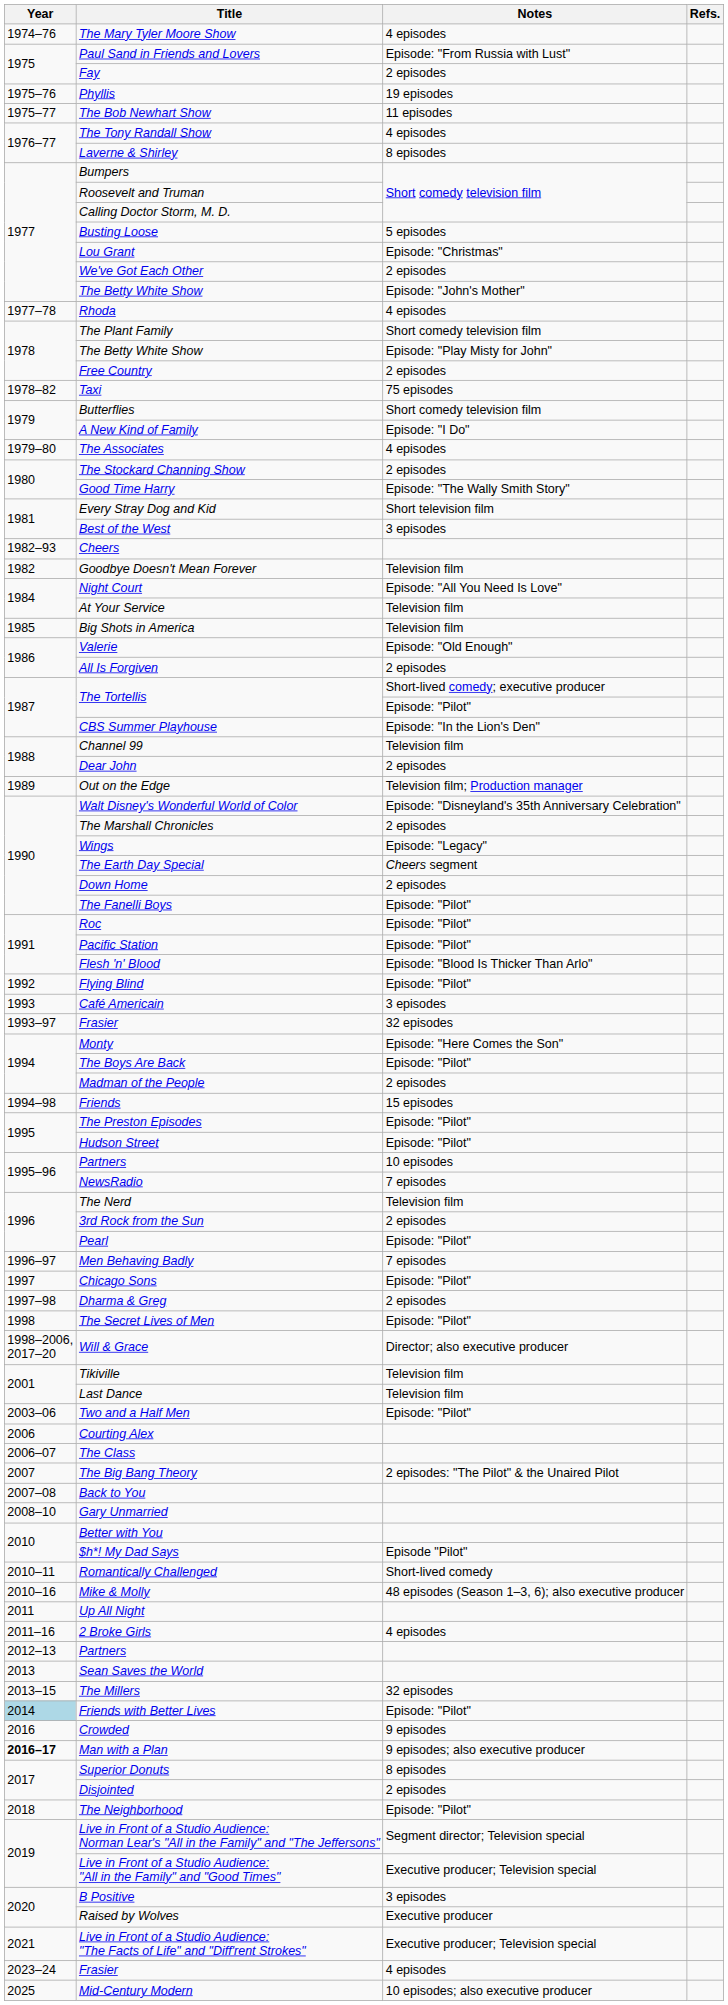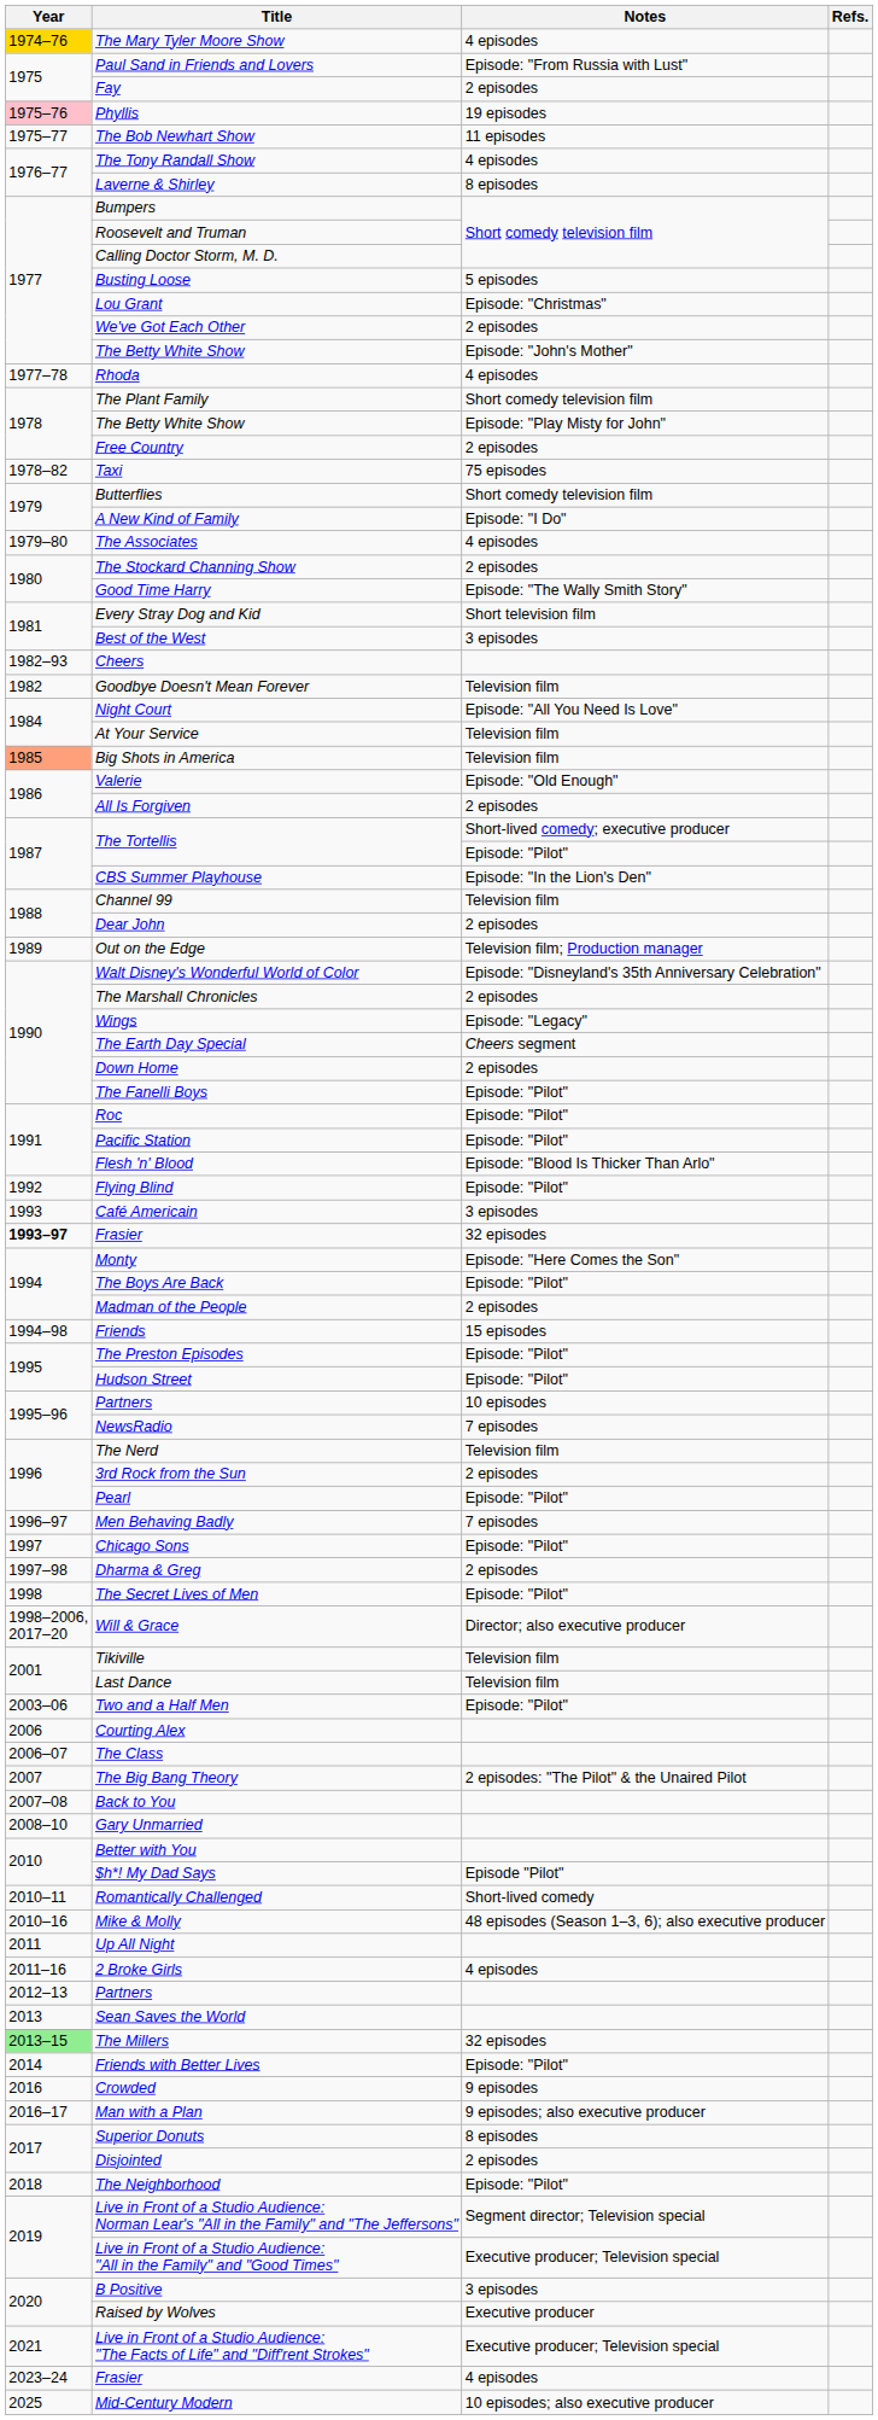 <table class="wikitable sortable">
 <tr>
 <th>Year</th>
 <th>Title</th>
 <th>Notes</th>
 <th class="unsortable">Refs.</th>
 </tr>
 <tr>
-<td>1974–76</td>
+<td style="background: gold;">1974–76</td>
 <td><em><a href='#'>The Mary Tyler Moore Show</a></em></td>
 <td>4 episodes</td>
 <td></td>
 </tr>
 <tr>
 <td rowspan="2">1975</td>
 <td><em><a href='#'>Paul Sand in Friends and Lovers</a></em></td>
 <td>Episode: "From Russia with Lust"</td>
 <td></td>
 </tr>
 <tr>
 <td><em><a href='#'>Fay</a></em></td>
 <td>2 episodes</td>
 <td></td>
 </tr>
 <tr>
-<td>1975–76</td>
+<td style="background: pink;">1975–76</td>
 <td><em><a href='#'>Phyllis</a></em></td>
 <td>19 episodes</td>
 <td></td>
 </tr>
 <tr>
 <td>1975–77</td>
 <td><em><a href='#'>The Bob Newhart Show</a></em></td>
 <td>11 episodes</td>
 <td></td>
 </tr>
 <tr>
 <td rowspan="2">1976–77</td>
 <td><em><a href='#'>The Tony Randall Show</a></em></td>
 <td>4 episodes</td>
 <td></td>
 </tr>
 <tr>
 <td><em><a href='#'>Laverne & Shirley</a></em></td>
 <td>8 episodes</td>
 <td></td>
 </tr>
 <tr>
 <td rowspan="7">1977</td>
 <td><em>Bumpers</em></td>
 <td rowspan="3"><a href='#'>Short</a> <a href='#'>comedy</a> <a href='#'>television film</a></td>
 <td></td>
 </tr>
 <tr>
 <td><em>Roosevelt and Truman</em></td>
 <td></td>
 </tr>
 <tr>
 <td><em>Calling Doctor Storm, M. D.</em></td>
 <td></td>
 </tr>
 <tr>
 <td><em><a href='#'>Busting Loose</a></em></td>
 <td>5 episodes</td>
 <td></td>
 </tr>
 <tr>
 <td><em><a href='#'>Lou Grant</a></em></td>
 <td>Episode: "Christmas"</td>
 <td></td>
 </tr>
 <tr>
 <td><em><a href='#'>We've Got Each Other</a></em></td>
 <td>2 episodes</td>
 <td></td>
 </tr>
 <tr>
 <td><em><a href='#'>The Betty White Show</a></em></td>
 <td>Episode: "John's Mother"</td>
 <td></td>
 </tr>
 <tr>
 <td>1977–78</td>
 <td><em><a href='#'>Rhoda</a></em></td>
 <td>4 episodes</td>
 <td></td>
 </tr>
 <tr>
 <td rowspan="3">1978</td>
 <td><em>The Plant Family</em></td>
 <td>Short comedy television film</td>
 <td></td>
 </tr>
 <tr>
 <td><em>The Betty White Show</em></td>
 <td>Episode: "Play Misty for John"</td>
 <td></td>
 </tr>
 <tr>
 <td><em><a href='#'>Free Country</a></em></td>
 <td>2 episodes</td>
 <td></td>
 </tr>
 <tr>
 <td>1978–82</td>
 <td><em><a href='#'>Taxi</a></em></td>
 <td>75 episodes</td>
 <td></td>
 </tr>
 <tr>
 <td rowspan="2">1979</td>
 <td><em>Butterflies</em></td>
 <td>Short comedy television film</td>
 <td></td>
 </tr>
 <tr>
 <td><em><a href='#'>A New Kind of Family</a></em></td>
 <td>Episode: "I Do"</td>
 <td></td>
 </tr>
 <tr>
 <td>1979–80</td>
 <td><em><a href='#'>The Associates</a></em></td>
 <td>4 episodes</td>
 <td></td>
 </tr>
 <tr>
 <td rowspan="2">1980</td>
 <td><em><a href='#'>The Stockard Channing Show</a></em></td>
 <td>2 episodes</td>
 <td></td>
 </tr>
 <tr>
 <td><em><a href='#'>Good Time Harry</a></em></td>
 <td>Episode: "The Wally Smith Story"</td>
 <td></td>
 </tr>
 <tr>
 <td rowspan="2">1981</td>
 <td><em>Every Stray Dog and Kid</em></td>
 <td>Short television film</td>
 <td></td>
 </tr>
 <tr>
 <td><em><a href='#'>Best of the West</a></em></td>
 <td>3 episodes</td>
 <td></td>
 </tr>
 <tr>
 <td>1982–93</td>
 <td><em><a href='#'>Cheers</a></em></td>
 <td></td>
 <td></td>
 </tr>
 <tr>
 <td>1982</td>
 <td><em>Goodbye Doesn't Mean Forever</em></td>
 <td>Television film</td>
 <td></td>
 </tr>
 <tr>
 <td rowspan="2">1984</td>
 <td><em><a href='#'>Night Court</a></em></td>
 <td>Episode: "All You Need Is Love"</td>
 <td></td>
 </tr>
 <tr>
 <td><em>At Your Service</em></td>
 <td>Television film</td>
 <td></td>
 </tr>
 <tr>
-<td>1985</td>
+<td style="background: lightsalmon;">1985</td>
 <td><em>Big Shots in America</em></td>
 <td>Television film</td>
 <td></td>
 </tr>
 <tr>
 <td rowspan="2">1986</td>
 <td><em><a href='#'>Valerie</a></em></td>
 <td>Episode: "Old Enough"</td>
 <td></td>
 </tr>
 <tr>
 <td><em><a href='#'>All Is Forgiven</a></em></td>
 <td>2 episodes</td>
 <td></td>
 </tr>
 <tr>
 <td rowspan="3">1987</td>
 <td rowspan="2"><em><a href='#'>The Tortellis</a></em></td>
 <td>Short-lived <a href='#'>comedy</a>; executive producer</td>
 <td></td>
 </tr>
 <tr>
 <td>Episode: "Pilot"</td>
 <td></td>
 </tr>
 <tr>
 <td><em><a href='#'>CBS Summer Playhouse</a></em></td>
 <td>Episode: "In the Lion's Den"</td>
 <td></td>
 </tr>
 <tr>
 <td rowspan="2">1988</td>
 <td><em>Channel 99</em></td>
 <td>Television film</td>
 <td></td>
 </tr>
 <tr>
 <td><em><a href='#'>Dear John</a></em></td>
 <td>2 episodes</td>
 <td></td>
 </tr>
 <tr>
 <td>1989</td>
 <td><em>Out on the Edge</em></td>
 <td>Television film; <a href='#'>Production manager</a></td>
 <td></td>
 </tr>
 <tr>
 <td rowspan="6">1990</td>
 <td><em><a href='#'>Walt Disney's Wonderful World of Color</a></em></td>
 <td>Episode: "Disneyland's 35th Anniversary Celebration"</td>
 <td></td>
 </tr>
 <tr>
 <td><em>The Marshall Chronicles</em></td>
 <td>2 episodes</td>
 <td></td>
 </tr>
 <tr>
 <td><em><a href='#'>Wings</a></em></td>
 <td>Episode: "Legacy"</td>
 <td></td>
 </tr>
 <tr>
 <td><em><a href='#'>The Earth Day Special</a></em></td>
 <td><em>Cheers</em> segment</td>
 <td></td>
 </tr>
 <tr>
 <td><em><a href='#'>Down Home</a></em></td>
 <td>2 episodes</td>
 <td></td>
 </tr>
 <tr>
 <td><em><a href='#'>The Fanelli Boys</a></em></td>
 <td>Episode: "Pilot"</td>
 <td></td>
 </tr>
 <tr>
 <td rowspan="3">1991</td>
 <td><em><a href='#'>Roc</a></em></td>
 <td>Episode: "Pilot"</td>
 <td></td>
 </tr>
 <tr>
 <td><em><a href='#'>Pacific Station</a></em></td>
 <td>Episode: "Pilot"</td>
 <td></td>
 </tr>
 <tr>
 <td><em><a href='#'>Flesh 'n' Blood</a></em></td>
 <td>Episode: "Blood Is Thicker Than Arlo"</td>
 <td></td>
 </tr>
 <tr>
 <td>1992</td>
 <td><em><a href='#'>Flying Blind</a></em></td>
 <td>Episode: "Pilot"</td>
 <td></td>
 </tr>
 <tr>
 <td>1993</td>
 <td><em><a href='#'>Café Americain</a></em></td>
 <td>3 episodes</td>
 <td></td>
 </tr>
 <tr>
-<td>1993–97</td>
+<td><strong>1993–97</strong></td>
 <td><em><a href='#'>Frasier</a></em></td>
 <td>32 episodes</td>
 <td></td>
 </tr>
 <tr>
 <td rowspan="3">1994</td>
 <td><em><a href='#'>Monty</a></em></td>
 <td>Episode: "Here Comes the Son"</td>
 <td></td>
 </tr>
 <tr>
 <td><em><a href='#'>The Boys Are Back</a></em></td>
 <td>Episode: "Pilot"</td>
 <td></td>
 </tr>
 <tr>
 <td><em><a href='#'>Madman of the People</a></em></td>
 <td>2 episodes</td>
 <td></td>
 </tr>
 <tr>
 <td>1994–98</td>
 <td><em><a href='#'>Friends</a></em></td>
 <td>15 episodes</td>
 <td></td>
 </tr>
 <tr>
 <td rowspan="2">1995</td>
 <td><em><a href='#'>The Preston Episodes</a></em></td>
 <td>Episode: "Pilot"</td>
 <td></td>
 </tr>
 <tr>
 <td><em><a href='#'>Hudson Street</a></em></td>
 <td>Episode: "Pilot"</td>
 <td></td>
 </tr>
 <tr>
 <td rowspan="2">1995–96</td>
 <td><em><a href='#'>Partners</a></em></td>
 <td>10 episodes</td>
 <td></td>
 </tr>
 <tr>
 <td><em><a href='#'>NewsRadio</a></em></td>
 <td>7 episodes</td>
 <td></td>
 </tr>
 <tr>
 <td rowspan="3">1996</td>
 <td><em>The Nerd</em></td>
 <td>Television film</td>
 <td></td>
 </tr>
 <tr>
 <td><em><a href='#'>3rd Rock from the Sun</a></em></td>
 <td>2 episodes</td>
 <td></td>
 </tr>
 <tr>
 <td><em><a href='#'>Pearl</a></em></td>
 <td>Episode: "Pilot"</td>
 <td></td>
 </tr>
 <tr>
 <td>1996–97</td>
 <td><em><a href='#'>Men Behaving Badly</a></em></td>
 <td>7 episodes</td>
 <td></td>
 </tr>
 <tr>
 <td>1997</td>
 <td><em><a href='#'>Chicago Sons</a></em></td>
 <td>Episode: "Pilot"</td>
 <td></td>
 </tr>
 <tr>
 <td>1997–98</td>
 <td><em><a href='#'>Dharma & Greg</a></em></td>
 <td>2 episodes</td>
 <td></td>
 </tr>
 <tr>
 <td>1998</td>
 <td><em><a href='#'>The Secret Lives of Men</a></em></td>
 <td>Episode: "Pilot"</td>
 <td></td>
 </tr>
 <tr>
 <td>1998–2006,<br>2017–20</td>
 <td><em><a href='#'>Will & Grace</a></em></td>
 <td>Director; also executive producer</td>
 <td></td>
 </tr>
 <tr>
 <td rowspan="2">2001</td>
 <td><em>Tikiville</em></td>
 <td>Television film</td>
 <td></td>
 </tr>
 <tr>
 <td><em>Last Dance</em></td>
 <td>Television film</td>
 <td></td>
 </tr>
 <tr>
 <td>2003–06</td>
 <td><em><a href='#'>Two and a Half Men</a></em></td>
 <td>Episode: "Pilot"</td>
 <td></td>
 </tr>
 <tr>
 <td>2006</td>
 <td><em><a href='#'>Courting Alex</a></em></td>
 <td></td>
 <td></td>
 </tr>
 <tr>
 <td>2006–07</td>
 <td><em><a href='#'>The Class</a></em></td>
 <td></td>
 <td></td>
 </tr>
 <tr>
 <td>2007</td>
 <td><em><a href='#'>The Big Bang Theory</a></em></td>
 <td>2 episodes: "The Pilot" & the Unaired Pilot</td>
 <td></td>
 </tr>
 <tr>
 <td>2007–08</td>
 <td><em><a href='#'>Back to You</a></em></td>
 <td></td>
 <td></td>
 </tr>
 <tr>
 <td>2008–10</td>
 <td><em><a href='#'>Gary Unmarried</a></em></td>
 <td></td>
 <td></td>
 </tr>
 <tr>
 <td rowspan="2">2010</td>
 <td><em><a href='#'>Better with You</a></em></td>
 <td></td>
 <td></td>
 </tr>
 <tr>
 <td><em><a href='#'>$h*! My Dad Says</a></em></td>
 <td>Episode "Pilot"</td>
 <td></td>
 </tr>
 <tr>
 <td>2010–11</td>
 <td><em><a href='#'>Romantically Challenged</a></em></td>
 <td>Short-lived comedy</td>
 <td></td>
 </tr>
 <tr>
 <td>2010–16</td>
 <td><em><a href='#'>Mike & Molly</a></em></td>
 <td>48 episodes (Season 1–3, 6); also executive producer</td>
 <td></td>
 </tr>
 <tr>
 <td>2011</td>
 <td><em><a href='#'>Up All Night</a></em></td>
 <td></td>
 <td></td>
 </tr>
 <tr>
 <td>2011–16</td>
 <td><em><a href='#'>2 Broke Girls</a></em></td>
 <td>4 episodes</td>
 <td></td>
 </tr>
 <tr>
 <td>2012–13</td>
 <td><em><a href='#'>Partners</a></em></td>
 <td></td>
 <td></td>
 </tr>
 <tr>
 <td>2013</td>
 <td><em><a href='#'>Sean Saves the World</a></em></td>
 <td></td>
 <td></td>
 </tr>
 <tr>
-<td>2013–15</td>
+<td style="background: lightgreen;">2013–15</td>
 <td><em><a href='#'>The Millers</a></em></td>
 <td>32 episodes</td>
 <td></td>
 </tr>
 <tr>
-<td style="background: lightblue;">2014</td>
+<td>2014</td>
 <td><em><a href='#'>Friends with Better Lives</a></em></td>
 <td>Episode: "Pilot"</td>
 <td></td>
 </tr>
 <tr>
 <td>2016</td>
 <td><em><a href='#'>Crowded</a></em></td>
 <td>9 episodes</td>
 <td></td>
 </tr>
 <tr>
-<td><strong>2016–17</strong></td>
+<td>2016–17</td>
 <td><em><a href='#'>Man with a Plan</a></em></td>
 <td>9 episodes; also executive producer</td>
 <td></td>
 </tr>
 <tr>
 <td rowspan="2">2017</td>
 <td><em><a href='#'>Superior Donuts</a></em></td>
 <td>8 episodes</td>
 <td></td>
 </tr>
 <tr>
 <td><em><a href='#'>Disjointed</a></em></td>
 <td>2 episodes</td>
 <td></td>
 </tr>
 <tr>
 <td>2018</td>
 <td><em><a href='#'>The Neighborhood</a></em></td>
 <td>Episode: "Pilot"</td>
 <td></td>
 </tr>
 <tr>
 <td rowspan="2">2019</td>
 <td><em><a href='#'>Live in Front of a Studio Audience: <br> Norman Lear's "All in the Family" and "The Jeffersons"</a></em></td>
 <td>Segment director; Television special</td>
 <td></td>
 </tr>
 <tr>
 <td><em><a href='#'>Live in Front of a Studio Audience: <br> "All in the Family" and "Good Times"</a></em></td>
 <td>Executive producer; Television special</td>
 <td></td>
 </tr>
 <tr>
 <td rowspan="2">2020</td>
 <td><em><a href='#'>B Positive</a></em></td>
 <td>3 episodes</td>
 <td></td>
 </tr>
 <tr>
 <td><em>Raised by Wolves</em></td>
 <td>Executive producer</td>
 <td></td>
 </tr>
 <tr>
 <td>2021</td>
 <td><em><a href='#'>Live in Front of a Studio Audience: <br> "The Facts of Life" and "Diff'rent Strokes"</a></em></td>
 <td>Executive producer; Television special</td>
 <td></td>
 </tr>
 <tr>
 <td>2023–24</td>
 <td><em><a href='#'>Frasier</a></em></td>
 <td>4 episodes</td>
 <td></td>
 </tr>
 <tr>
 <td>2025</td>
 <td><em><a href='#'>Mid-Century Modern</a></em></td>
 <td>10 episodes; also executive producer</td>
 <td></td>
 </tr>
 </table>
